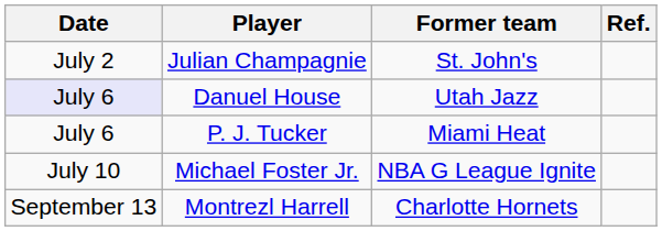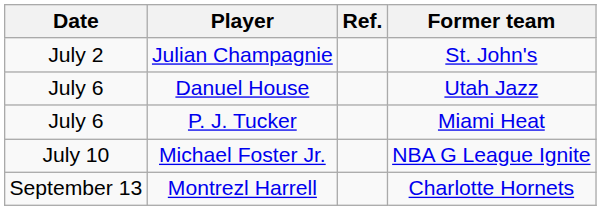 <table class="wikitable sortable sortable" style="text-align: center">
 <tr>
 <th>Date</th>
 <th>Player</th>
+<th>Ref.</th>
 <th>Former team</th>
-<th>Ref.</th>
 </tr>
 <tr>
 <td>July 2</td>
 <td><a href='#'>Julian Champagnie</a></td>
+<td></td>
 <td><a href='#'>St. John's</a></td>
-<td></td>
 </tr>
 <tr>
-<td style="background: lavender;">July 6</td>
+<td>July 6</td>
 <td><a href='#'>Danuel House</a></td>
+<td></td>
 <td><a href='#'>Utah Jazz</a></td>
-<td></td>
 </tr>
 <tr>
 <td>July 6</td>
 <td><a href='#'>P. J. Tucker</a></td>
+<td></td>
 <td><a href='#'>Miami Heat</a></td>
-<td></td>
 </tr>
 <tr>
 <td>July 10</td>
 <td><a href='#'>Michael Foster Jr.</a></td>
+<td></td>
 <td><a href='#'>NBA G League Ignite</a></td>
-<td></td>
 </tr>
 <tr>
 <td>September 13</td>
 <td><a href='#'>Montrezl Harrell</a></td>
+<td></td>
 <td><a href='#'>Charlotte Hornets</a></td>
-<td></td>
 </tr>
 </table>
